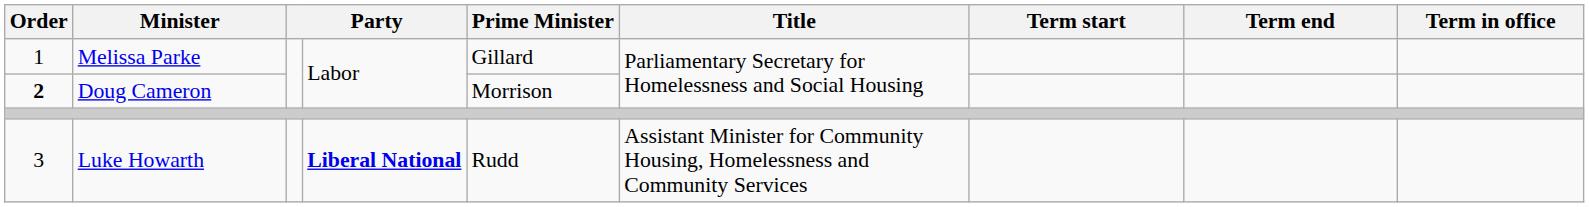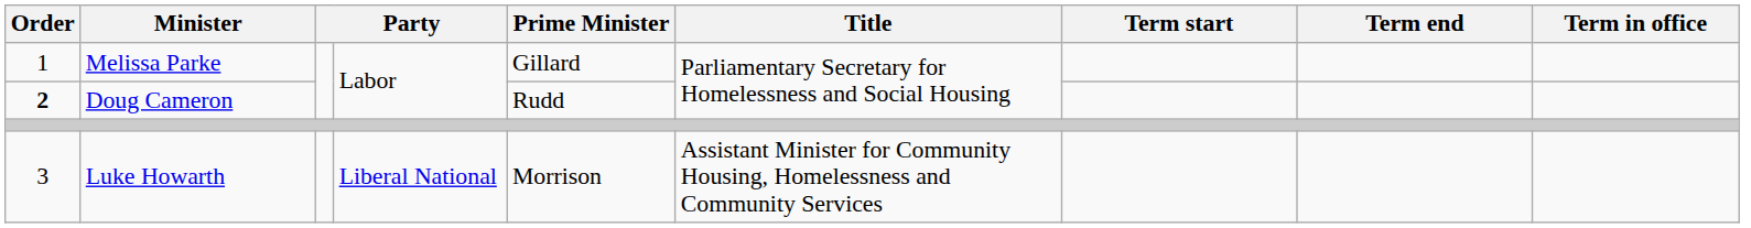 <table class="wikitable">
 <tr>
 <th width=5>Order</th>
 <th width=150>Minister</th>
 <th width=120 colspan=2>Party</th>
 <th width=105>Prime Minister</th>
 <th width=250>Title</th>
 <th width=150>Term start</th>
 <th width=150>Term end</th>
 <th width=130>Term in office</th>
 </tr>
 <tr>
 <td align=center>1</td>
 <td><a href='#'>Melissa Parke</a></td>
 <td rowspan=2 > </td>
 <td rowspan=2>Labor</td>
 <td>Gillard</td>
 <td rowspan=2>Parliamentary Secretary for Homelessness and Social Housing</td>
 <td align=center></td>
 <td align=center></td>
 <td align=right></td>
 </tr>
 <tr>
 <td align=center><strong>2</strong></td>
 <td><a href='#'>Doug Cameron</a></td>
-<td>Morrison</td>
+<td>Rudd</td>
 <td align=center></td>
 <td align=center></td>
 <td align=right></td>
 </tr>
 <tr>
 <th colspan=9 style="background: #cccccc;"></th>
 </tr>
 <tr>
 <td align=center>3</td>
 <td><a href='#'>Luke Howarth</a></td>
 <td> </td>
-<td><strong><a href='#'>Liberal National</a></strong></td>
-<td>Rudd</td>
+<td><a href='#'>Liberal National</a></td>
+<td>Morrison</td>
 <td>Assistant Minister for Community Housing, Homelessness and Community Services</td>
 <td align=center></td>
 <td align=center></td>
 <td align=right><strong></strong></td>
 </tr>
 </table>
